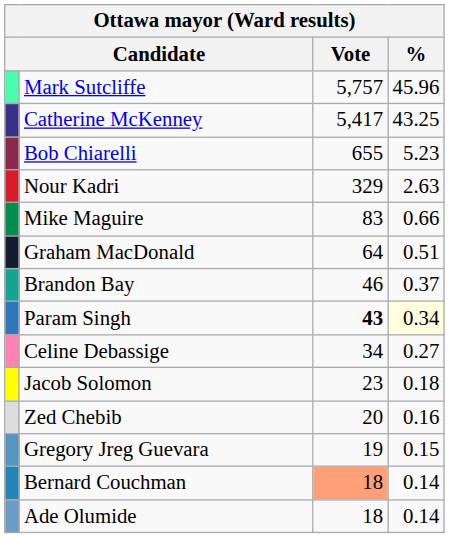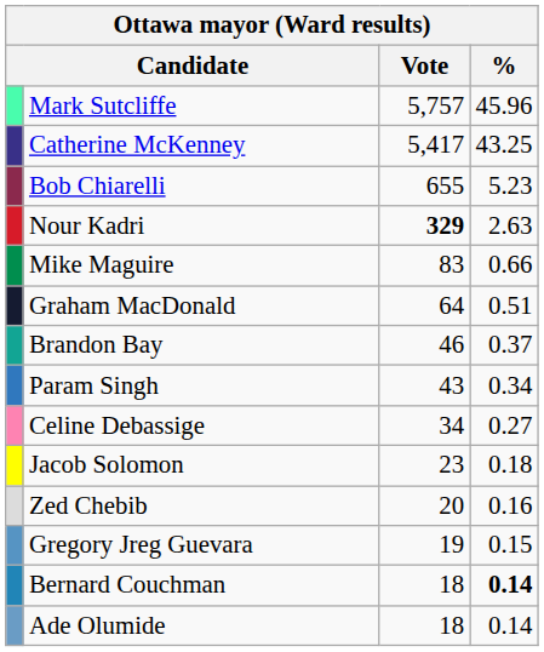 <table class="wikitable">
 <tr>
 <th colspan="4">Ottawa mayor (Ward results)</th>
 </tr>
 <tr>
 <th bgcolor="#DDDDFF" width="230px" colspan="2">Candidate</th>
 <th bgcolor="#DDDDFF" width="50px">Vote</th>
 <th bgcolor="#DDDDFF" width="30px">%</th>
 </tr>
 <tr>
 <td style="background-color:#49FDAD;"></td>
 <td style="text-align:left;"><a href='#'>Mark Sutcliffe</a></td>
 <td style="text-align:right;">5,757</td>
 <td style="text-align:right;">45.96</td>
 </tr>
 <tr>
 <td style="background-color:#393088;"></td>
 <td style="text-align:left;"><a href='#'>Catherine McKenney</a></td>
 <td style="text-align:right;">5,417</td>
 <td style="text-align:right;">43.25</td>
 </tr>
 <tr>
 <td style="background-color:#8B294D;"></td>
 <td style="text-align:left;"><a href='#'>Bob Chiarelli</a></td>
 <td style="text-align:right;">655</td>
 <td style="text-align:right;">5.23</td>
 </tr>
 <tr>
 <td style="background-color:#D71B29;"></td>
 <td style="text-align:left;">Nour Kadri</td>
-<td style="text-align:right;">329</td>
+<td style="text-align:right;"><strong>329</strong></td>
 <td style="text-align:right;">2.63</td>
 </tr>
 <tr>
 <td style="background-color:#008E4E;"></td>
 <td style="text-align:left;">Mike Maguire</td>
 <td style="text-align:right;">83</td>
 <td style="text-align:right;">0.66</td>
 </tr>
 <tr>
 <td style="background-color:#151B31;"></td>
 <td style="text-align:left;">Graham MacDonald</td>
 <td style="text-align:right;">64</td>
 <td style="text-align:right;">0.51</td>
 </tr>
 <tr>
 <td style="background-color:#12A594;"></td>
 <td style="text-align:left;">Brandon Bay</td>
 <td style="text-align:right;">46</td>
 <td style="text-align:right;">0.37</td>
 </tr>
 <tr>
 <td style="background-color:#3078BE;"></td>
 <td style="text-align:left;">Param Singh</td>
-<td style="text-align:right;"><strong>43</strong></td>
-<td style="background: lightyellow; text-align:right;">0.34</td>
+<td style="text-align:right;">43</td>
+<td style="text-align:right;">0.34</td>
 </tr>
 <tr>
 <td style="background-color:#FE83B2;"></td>
 <td style="text-align:left;">Celine Debassige</td>
 <td style="text-align:right;">34</td>
 <td style="text-align:right;">0.27</td>
 </tr>
 <tr>
 <td style="background-color:#FFFF00;"></td>
 <td style="text-align:left;">Jacob Solomon</td>
 <td style="text-align:right;">23</td>
 <td style="text-align:right;">0.18</td>
 </tr>
 <tr>
 <td style="background-color:#DCDCDC;"></td>
 <td style="text-align:left;">Zed Chebib</td>
 <td style="text-align:right;">20</td>
 <td style="text-align:right;">0.16</td>
 </tr>
 <tr>
 <td style="background-color:#5694C3;"></td>
 <td style="text-align:left;">Gregory Jreg Guevara</td>
 <td style="text-align:right;">19</td>
 <td style="text-align:right;">0.15</td>
 </tr>
 <tr>
 <td style="background-color:#2185B7;"></td>
 <td style="text-align:left;">Bernard Couchman</td>
-<td style="background: lightsalmon; text-align:right;">18</td>
-<td style="text-align:right;">0.14</td>
+<td style="text-align:right;">18</td>
+<td style="text-align:right;"><strong>0.14</strong></td>
 </tr>
 <tr>
 <td style="background-color:#6A9CC5;"></td>
 <td style="text-align:left;">Ade Olumide</td>
 <td style="text-align:right;">18</td>
 <td style="text-align:right;">0.14</td>
 </tr>
 </table>
